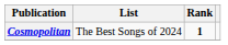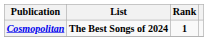 <table class="wikitable sortable plainrowheaders">
 <tr>
 <th scope="col">Publication</th>
 <th scope="col">List</th>
 <th scope="col">Rank</th>
 <th scope="col"></th>
 </tr>
 <tr>
 <th scope="row"><em><a href='#'>Cosmopolitan</a></em></th>
-<td>The Best Songs of 2024</td>
+<td><strong>The Best Songs of 2024</strong></td>
 <td style="text-align: center;"><strong>1</strong></td>
 <td style="text-align: center;"></td>
 </tr>
 <tr>
 </tr>
 </table>
